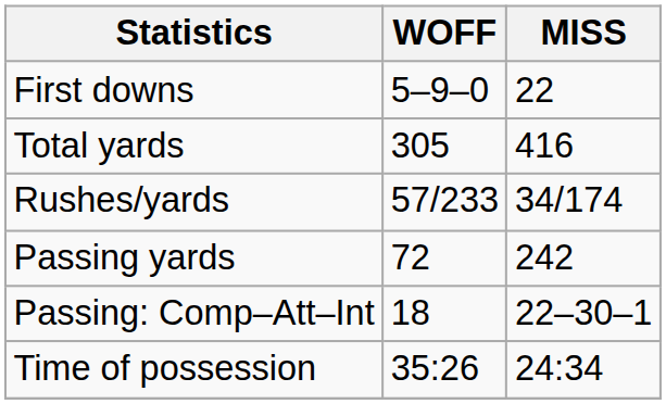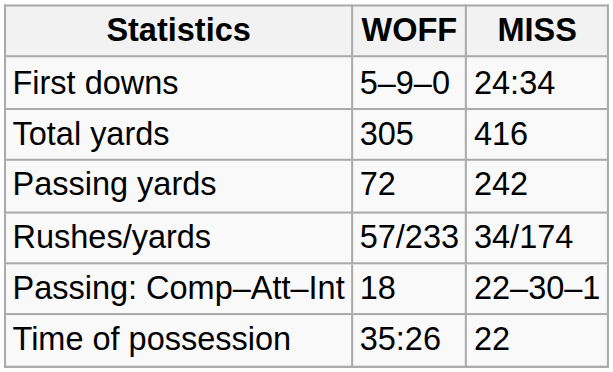 <table class="wikitable" style="float: left;">
 <tr>
 <th>Statistics</th>
 <th>WOFF</th>
 <th>MISS</th>
 </tr>
 <tr>
 <td>First downs</td>
 <td>5–9–0</td>
-<td>22</td>
+<td>24:34</td>
 </tr>
 <tr>
 <td>Total yards</td>
 <td>305</td>
 <td>416</td>
 </tr>
 <tr>
+<td>Passing yards</td>
+<td>72</td>
+<td>242</td>
+</tr>
+<tr>
 <td>Rushes/yards</td>
 <td>57/233</td>
 <td>34/174</td>
-</tr>
-<tr>
-<td>Passing yards</td>
-<td>72</td>
-<td>242</td>
 </tr>
 <tr>
 <td>Passing: Comp–Att–Int</td>
 <td>18</td>
 <td>22–30–1</td>
 </tr>
 <tr>
 <td>Time of possession</td>
 <td>35:26</td>
-<td>24:34</td>
+<td>22</td>
 </tr>
 <tr>
 </tr>
 </table>
